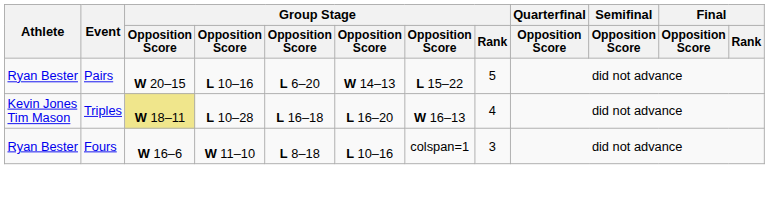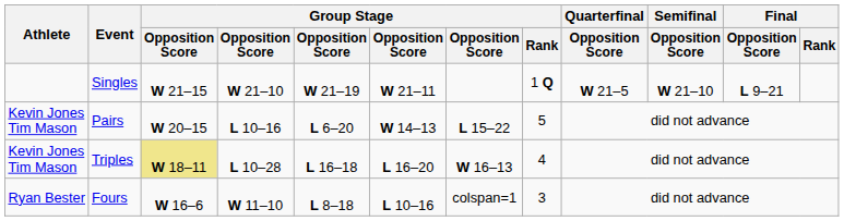 <table class="wikitable" style="font-size:88%">
 <tr>
 <th rowspan=2>Athlete</th>
 <th rowspan=2>Event</th>
 <th colspan=6>Group Stage</th>
 <th>Quarterfinal</th>
 <th>Semifinal</th>
 <th colspan=2>Final</th>
 </tr>
 <tr style="font-size:95%">
 <th>Opposition<br>Score</th>
 <th>Opposition<br>Score</th>
 <th>Opposition<br>Score</th>
 <th>Opposition<br>Score</th>
 <th>Opposition<br>Score</th>
 <th>Rank</th>
 <th>Opposition<br>Score</th>
 <th>Opposition<br>Score</th>
 <th>Opposition<br>Score</th>
 <th>Rank</th>
 </tr>
 <tr align=center>
-<td align=left><a href='#'>Ryan Bester</a><br></td>
+<td align=left></td>
+<td align=left><a href='#'>Singles</a></td>
+<td><br><strong>W</strong> 21–15</td>
+<td><br><strong>W</strong> 21–10</td>
+<td><br><strong>W</strong> 21–19</td>
+<td><br><strong>W</strong> 21–11</td>
+<td></td>
+<td>1 <strong>Q</strong></td>
+<td><br><strong>W</strong> 21–5</td>
+<td><br><strong>W</strong> 21–10</td>
+<td><br><strong>L</strong> 9–21</td>
+<td></td>
+</tr>
+<tr align=center>
+<td align=left><a href='#'>Kevin Jones</a><br><a href='#'>Tim Mason</a><br></td>
 <td align=left><a href='#'>Pairs</a></td>
 <td><br><strong>W</strong> 20–15</td>
 <td><br><strong>L</strong> 10–16</td>
 <td><br><strong>L</strong> 6–20</td>
 <td><br><strong>W</strong> 14–13</td>
 <td><br><strong>L</strong> 15–22</td>
 <td>5</td>
 <td colspan="4">did not advance</td>
 </tr>
 <tr align=center>
 <td align=left><a href='#'>Kevin Jones</a><br><a href='#'>Tim Mason</a><br></td>
 <td align=left><a href='#'>Triples</a></td>
 <td style="background: khaki;"><br><strong>W</strong> 18–11</td>
 <td><br><strong>L</strong> 10–28</td>
 <td><br><strong>L</strong> 16–18</td>
 <td><br><strong>L</strong> 16–20</td>
 <td><br><strong>W</strong> 16–13</td>
 <td>4</td>
 <td colspan="4">did not advance</td>
 </tr>
 <tr align=center>
 <td align=left><a href='#'>Ryan Bester</a><br></td>
 <td align=left><a href='#'>Fours</a></td>
 <td><br><strong>W</strong> 16–6</td>
 <td><br><strong>W</strong> 11–10</td>
 <td><br><strong>L</strong> 8–18</td>
 <td><br><strong>L</strong> 10–16</td>
 <td>colspan=1 </td>
 <td>3</td>
 <td colspan="4">did not advance</td>
 </tr>
 </table>
